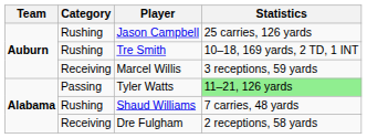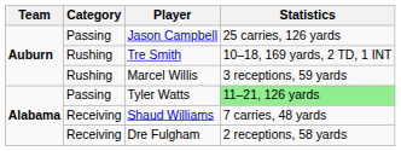 <table class="wikitable" style="float: right;">
 <tr>
 <th>Team</th>
 <th>Category</th>
 <th>Player</th>
 <th>Statistics</th>
 </tr>
 <tr>
 <td rowspan=3><strong>Auburn</strong></td>
-<td>Rushing</td>
+<td>Passing</td>
 <td><a href='#'>Jason Campbell</a></td>
 <td>25 carries, 126 yards</td>
 </tr>
 <tr>
 <td>Rushing</td>
 <td><a href='#'>Tre Smith</a></td>
 <td>10–18, 169 yards, 2 TD, 1 INT</td>
 </tr>
 <tr>
-<td>Receiving</td>
+<td>Rushing</td>
 <td>Marcel Willis</td>
 <td>3 receptions, 59 yards</td>
 </tr>
 <tr>
 <td rowspan=3><strong>Alabama</strong></td>
 <td>Passing</td>
 <td>Tyler Watts</td>
 <td style="background: lightgreen;">11–21, 126 yards</td>
 </tr>
 <tr>
-<td>Rushing</td>
+<td>Receiving</td>
 <td><a href='#'>Shaud Williams</a></td>
 <td>7 carries, 48 yards</td>
 </tr>
 <tr>
 <td>Receiving</td>
 <td>Dre Fulgham</td>
 <td>2 receptions, 58 yards</td>
 </tr>
 </table>
